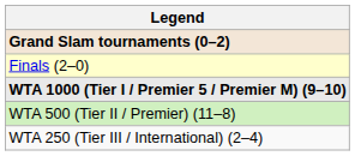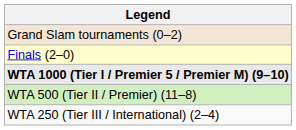 <table class=wikitable  style=font-size:90%>
 <tr>
 <th>Legend</th>
 </tr>
 <tr>
-<td bgcolor=f3e6d7><strong>Grand Slam tournaments (0–2)</strong></td>
+<td bgcolor=f3e6d7>Grand Slam tournaments (0–2)</td>
 </tr>
 <tr>
 <td bgcolor=FFFFCC><a href='#'>Finals</a> (2–0)</td>
 </tr>
 <tr>
 <td bgcolor=e9e9e9><strong>WTA 1000 (Tier I / Premier 5 / Premier M) (9–10)</strong></td>
 </tr>
 <tr>
 <td bgcolor=d0f0c0>WTA 500 (Tier II / Premier) (11–8)</td>
 </tr>
 <tr>
 <td>WTA 250 (Tier III / International) (2–4)</td>
 </tr>
 </table>
